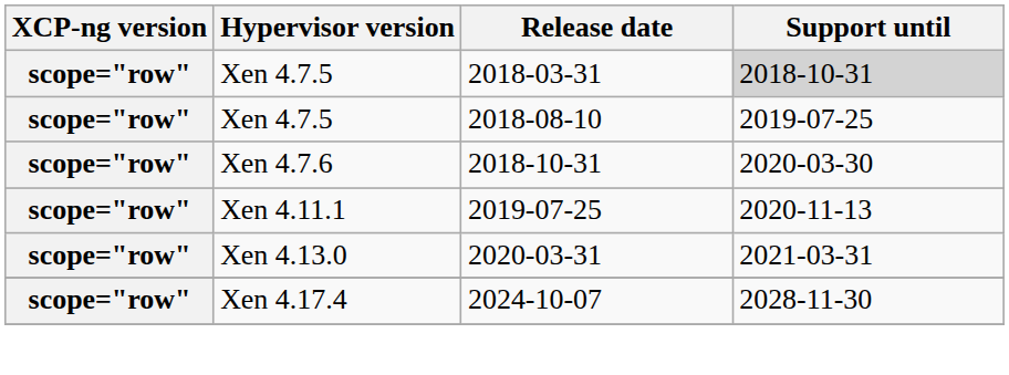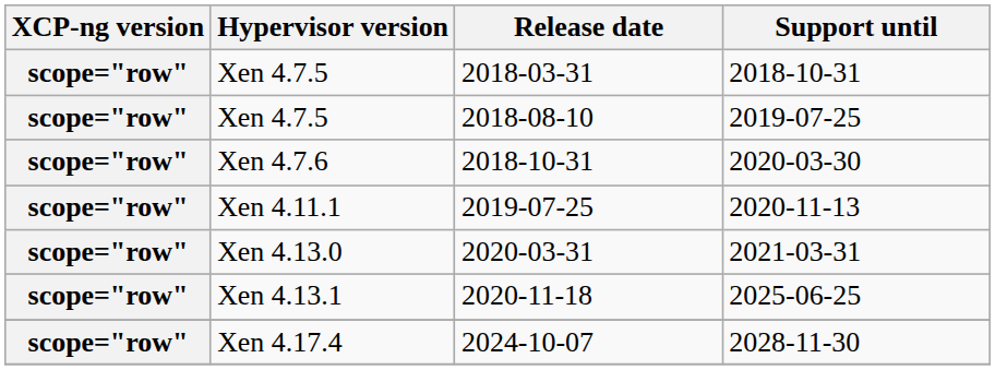 <table class="wikitable collapsible sortable">
 <tr>
 <th scope="col">XCP-ng version</th>
 <th scope="col">Hypervisor version</th>
 <th scope="col" style="min-width: 9em;">Release date</th>
 <th scope="col" style="min-width: 9em;">Support until</th>
 </tr>
 <tr>
 <th>scope="row" </th>
 <td>Xen 4.7.5</td>
 <td>2018-03-31</td>
-<td style="background: lightgrey;">2018-10-31</td>
+<td>2018-10-31</td>
 </tr>
 <tr>
 <th>scope="row" </th>
 <td>Xen 4.7.5</td>
 <td>2018-08-10</td>
 <td>2019-07-25</td>
 </tr>
 <tr>
 <th>scope="row" </th>
 <td>Xen 4.7.6</td>
 <td>2018-10-31</td>
 <td>2020-03-30</td>
 </tr>
 <tr>
 <th>scope="row" </th>
 <td>Xen 4.11.1</td>
 <td>2019-07-25</td>
 <td>2020-11-13</td>
 </tr>
 <tr>
 <th>scope="row" </th>
 <td>Xen 4.13.0</td>
 <td>2020-03-31</td>
 <td>2021-03-31</td>
 </tr>
 <tr>
+<th>scope="row" </th>
+<td>Xen 4.13.1</td>
+<td>2020-11-18</td>
+<td>2025-06-25</td>
+</tr>
+<tr>
 </tr>
 <tr>
 <th>scope="row" </th>
 <td>Xen 4.17.4</td>
 <td>2024-10-07</td>
 <td>2028-11-30</td>
 </tr>
 <tr>
 </tr>
 </table>
